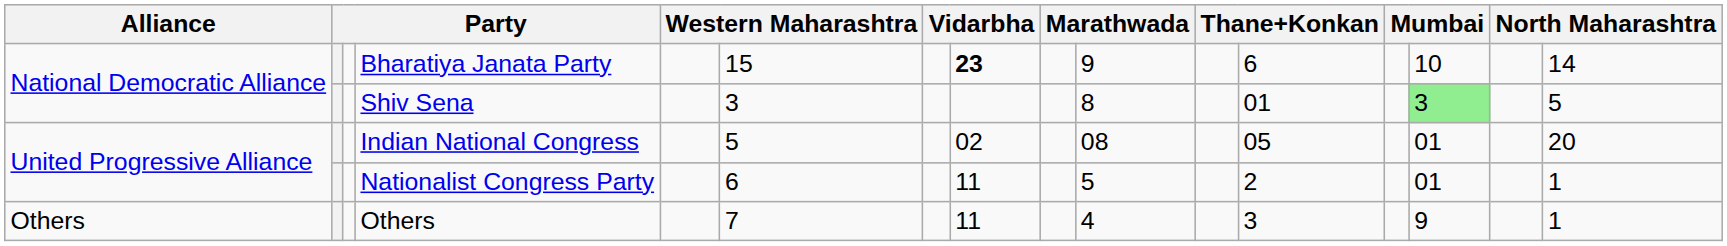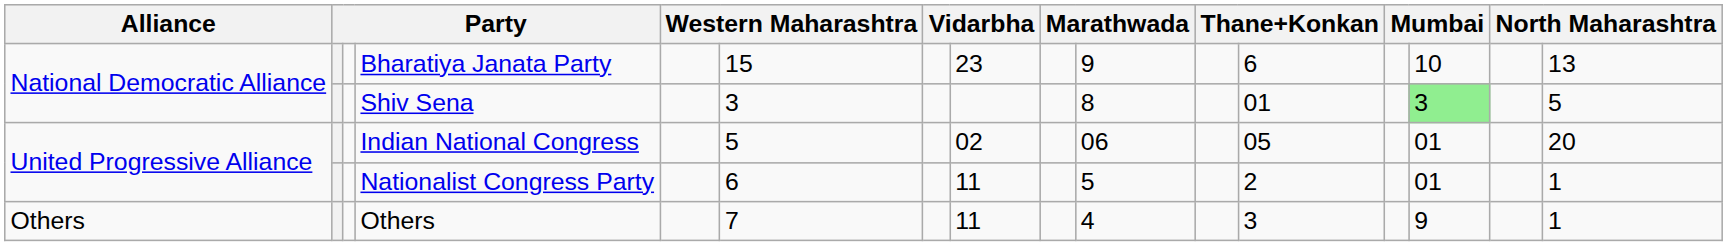 <table class="wikitable">
 <tr>
 <th>Alliance</th>
 <th colspan="3">Party</th>
 <th colspan="2">Western Maharashtra</th>
 <th colspan="2">Vidarbha</th>
 <th colspan="2">Marathwada</th>
 <th colspan="2">Thane+Konkan</th>
 <th colspan="2">Mumbai</th>
 <th colspan="2">North Maharashtra</th>
 </tr>
 <tr>
 <td rowspan="2"><a href='#'>National Democratic Alliance</a></td>
 <th></th>
 <td style="color:inherit;background-color: "></td>
 <td><a href='#'>Bharatiya Janata Party</a></td>
 <td></td>
 <td> 15</td>
 <td></td>
-<td><strong> 23</strong></td>
+<td> 23</td>
 <td></td>
 <td> 9</td>
 <td></td>
 <td> 6</td>
 <td></td>
 <td> 10</td>
 <td></td>
-<td> 14</td>
+<td> 13</td>
 </tr>
 <tr>
 <th></th>
 <td style="color:inherit;background-color: "></td>
 <td><a href='#'>Shiv Sena</a></td>
 <td></td>
 <td> 3</td>
 <td></td>
 <td></td>
 <td></td>
 <td> 8</td>
 <td></td>
 <td> 01</td>
 <td></td>
 <td style="background: lightgreen;"> 3</td>
 <td></td>
 <td> 5</td>
 </tr>
 <tr>
 <td rowspan="2"><a href='#'>United Progressive Alliance</a></td>
 <th></th>
 <td style="color:inherit;background-color: "></td>
 <td><a href='#'>Indian National Congress</a></td>
 <td></td>
 <td>5</td>
 <td></td>
 <td> 02</td>
 <td></td>
-<td> 08</td>
+<td> 06</td>
 <td></td>
 <td> 05</td>
 <td></td>
 <td> 01</td>
 <td></td>
 <td> 20</td>
 </tr>
 <tr>
 <th></th>
 <td style="color:inherit;background-color: "></td>
 <td><a href='#'>Nationalist Congress Party</a></td>
 <td></td>
 <td> 6</td>
 <td></td>
 <td> 11</td>
 <td></td>
 <td> 5</td>
 <td></td>
 <td> 2</td>
 <td></td>
 <td> 01</td>
 <td></td>
 <td> 1</td>
 </tr>
 <tr>
 <td>Others</td>
 <th></th>
 <td style="color:inherit;background-color: "></td>
 <td>Others</td>
 <td></td>
 <td> 7</td>
 <td></td>
 <td> 11</td>
 <td></td>
 <td> 4</td>
 <td></td>
 <td> 3</td>
 <td></td>
 <td> 9</td>
 <td></td>
 <td> 1</td>
 </tr>
 </table>
